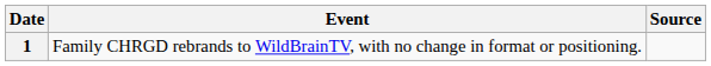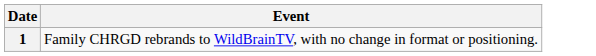 <table class="wikitable">
 <tr>
 <th>Date</th>
 <th>Event</th>
-<th>Source</th>
 </tr>
 <tr>
 <th>1</th>
 <td>Family CHRGD rebrands to <a href='#'>WildBrainTV</a>, with no change in format or positioning.</td>
-<td></td>
 </tr>
 </table>
